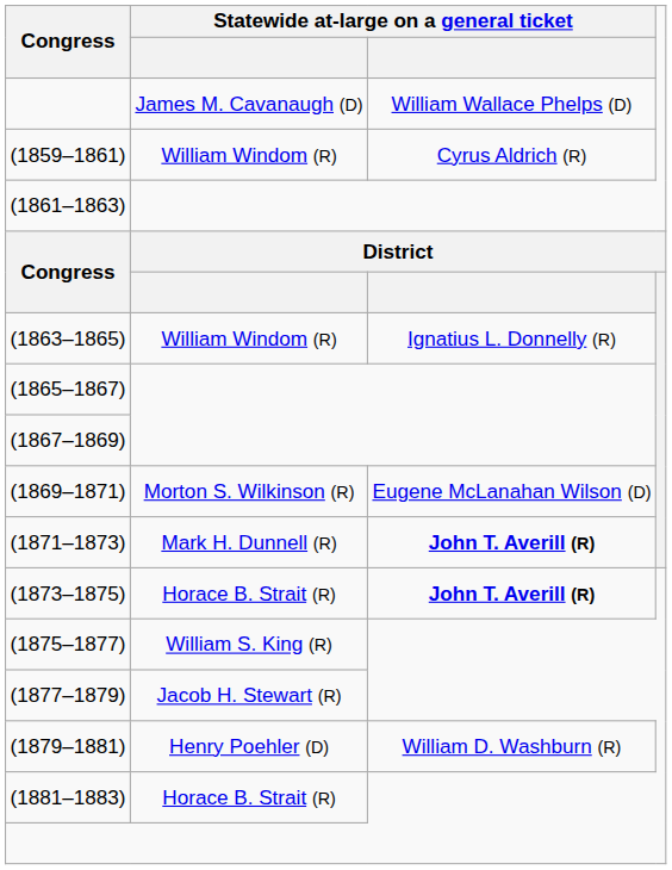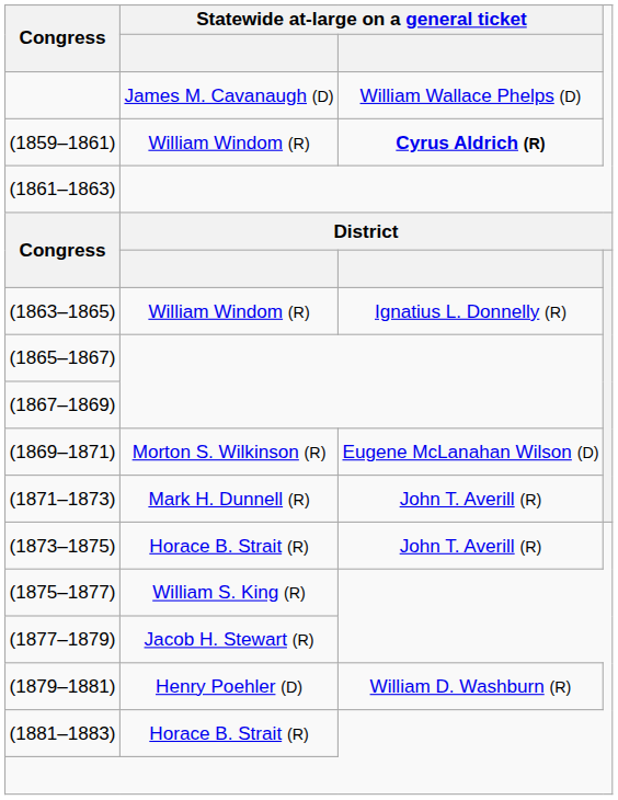 <table class=wikitable style="text-align:center">
 <tr>
 <th rowspan=2>Congress</th>
 <th colspan=2>Statewide at-large on a <a href='#'>general ticket</a></th>
 </tr>
 <tr style="height:2em">
 <th></th>
 <th></th>
 </tr>
 <tr style="height:2.5em">
 <td><strong></strong> </td>
 <td><a href='#'>James M. Cavanaugh</a> <small>(D)</small></td>
 <td><a href='#'>William Wallace Phelps</a> <small>(D)</small></td>
 </tr>
 <tr style="height:2.5em">
 <td><strong></strong> (1859–1861)</td>
 <td><a href='#'>William Windom</a> <small>(R)</small></td>
-<td><a href='#'>Cyrus Aldrich</a> <small>(R)</small></td>
+<td><strong><a href='#'>Cyrus Aldrich</a> <small>(R)</small></strong></td>
 </tr>
 <tr style="height:2.5em">
 <td><strong></strong> (1861–1863)</td>
 </tr>
 <tr style="height:2em">
 <th rowspan=2>Congress</th>
 <th colspan=10>District</th>
 </tr>
 <tr style="height:2em">
 <th></th>
 <th></th>
 <th valign=bottom rowspan=6></th>
 </tr>
 <tr style="height:2.5em">
 <td><strong></strong> (1863–1865)</td>
 <td><a href='#'>William Windom</a> <small>(R)</small></td>
 <td><a href='#'>Ignatius L. Donnelly</a> <small>(R)</small></td>
 </tr>
 <tr style="height:2.5em">
 <td><strong></strong> (1865–1867)</td>
 </tr>
 <tr style="height:2.5em">
 <td><strong></strong> (1867–1869)</td>
 </tr>
 <tr style="height:2.5em">
 <td><strong></strong> (1869–1871)</td>
 <td><a href='#'>Morton S. Wilkinson</a> <small>(R)</small></td>
 <td><a href='#'>Eugene McLanahan Wilson</a> <small>(D)</small></td>
 </tr>
 <tr style="height:2.5em">
 <td><strong></strong> (1871–1873)</td>
 <td><a href='#'>Mark H. Dunnell</a> <small>(R)</small></td>
-<td><strong><a href='#'>John T. Averill</a> <small>(R)</small></strong></td>
+<td><a href='#'>John T. Averill</a> <small>(R)</small></td>
 </tr>
 <tr style="height:2.5em">
 <td><strong></strong> (1873–1875)</td>
 <td><a href='#'>Horace B. Strait</a> <small>(R)</small></td>
-<td><strong><a href='#'>John T. Averill</a> <small>(R)</small></strong></td>
+<td><a href='#'>John T. Averill</a> <small>(R)</small></td>
 </tr>
 <tr style="height:2.5em">
 <td><strong></strong> (1875–1877)</td>
 <td><a href='#'>William S. King</a> <small>(R)</small></td>
 </tr>
 <tr style="height:2.5em">
 <td><strong></strong> (1877–1879)</td>
 <td><a href='#'>Jacob H. Stewart</a> <small>(R)</small></td>
 </tr>
 <tr style="height:2.5em">
 <td><strong></strong> (1879–1881)</td>
 <td><a href='#'>Henry Poehler</a> <small>(D)</small></td>
 <td><a href='#'>William D. Washburn</a> <small>(R)</small></td>
 </tr>
 <tr style="height:2.5em">
 <td><strong></strong> (1881–1883)</td>
 <td><a href='#'>Horace B. Strait</a> <small>(R)</small></td>
 </tr>
 <tr style="height:2em">
 </tr>
 </table>
